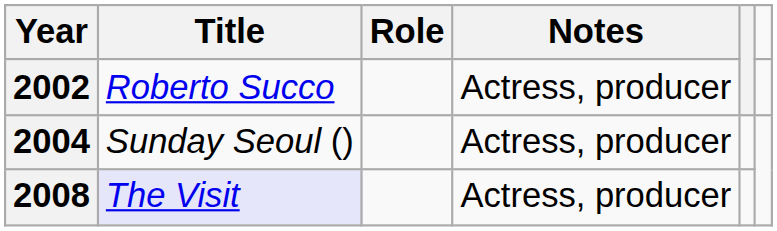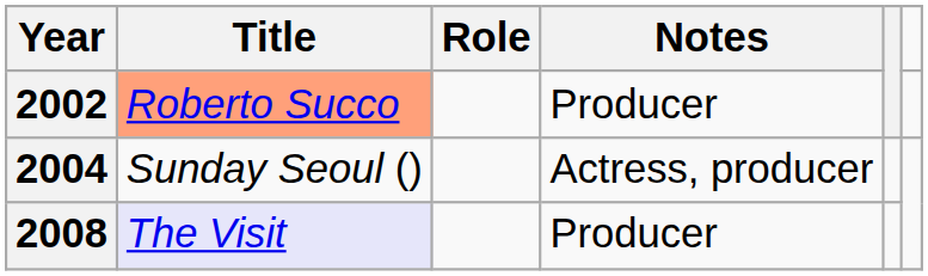 <table class="wikitable plainrowheaders sortable">
 <tr>
 <th scope="col">Year</th>
 <th scope="col">Title</th>
 <th scope="col">Role</th>
 <th scope="col">Notes</th>
 <th rowspan="2" class="unsortable"></th>
 </tr>
 <tr>
 <th scope="row">2002</th>
-<td><em><a href='#'>Roberto Succo</a></em></td>
+<td style="background: lightsalmon;"><em><a href='#'>Roberto Succo</a></em></td>
 <td></td>
-<td>Actress, producer</td>
+<td>Producer</td>
 <td></td>
 </tr>
 <tr>
 <th scope="row">2004</th>
 <td><em>Sunday Seoul</em> ()</td>
 <td></td>
 <td>Actress, producer</td>
 <td></td>
 </tr>
 <tr>
 <th scope="row">2008</th>
 <td style="background: lavender;"><em><a href='#'>The Visit</a></em></td>
 <td></td>
-<td>Actress, producer</td>
+<td>Producer</td>
 <td></td>
 </tr>
 </table>
